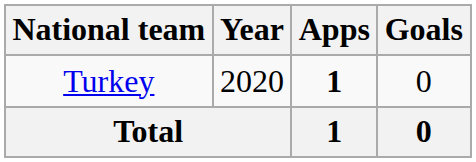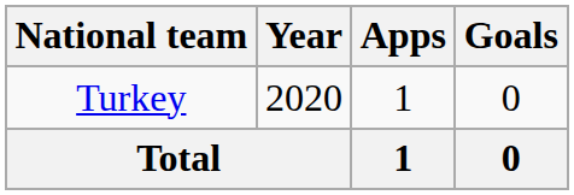 <table class="wikitable" style="text-align:center">
 <tr>
 <th>National team</th>
 <th>Year</th>
 <th>Apps</th>
 <th>Goals</th>
 </tr>
 <tr>
 <td rowspan=2><a href='#'>Turkey</a></td>
 </tr>
 <tr>
 <td>2020</td>
-<td><strong>1</strong></td>
+<td>1</td>
 <td>0</td>
 </tr>
 <tr>
 <th colspan=2>Total</th>
 <th>1</th>
 <th>0</th>
 </tr>
 </table>
